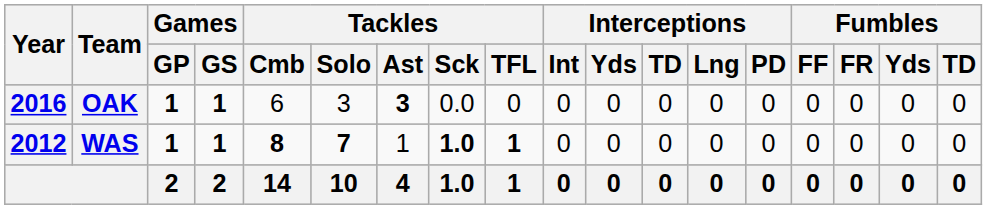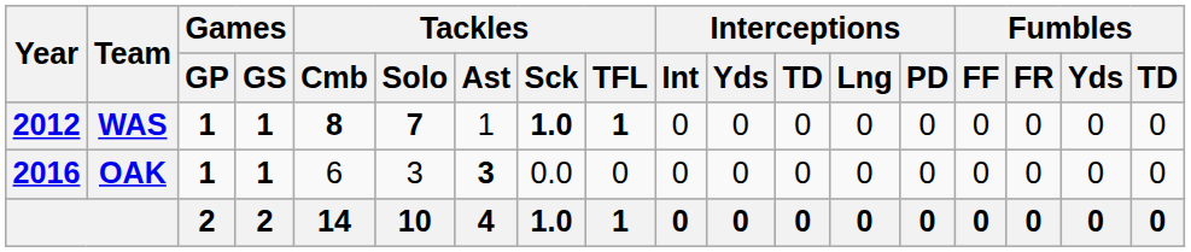 <table class="wikitable" style="text-align:center">
 <tr>
 <th rowspan="2">Year</th>
 <th rowspan="2">Team</th>
 <th colspan="2">Games</th>
 <th colspan="5">Tackles</th>
 <th colspan="5">Interceptions</th>
 <th colspan="4">Fumbles</th>
 </tr>
 <tr>
 <th>GP</th>
 <th>GS</th>
 <th>Cmb</th>
 <th>Solo</th>
 <th>Ast</th>
 <th>Sck</th>
 <th>TFL</th>
 <th>Int</th>
 <th>Yds</th>
 <th>TD</th>
 <th>Lng</th>
 <th>PD</th>
 <th>FF</th>
 <th>FR</th>
 <th>Yds</th>
 <th>TD</th>
 </tr>
 <tr>
-<th><a href='#'>2016</a></th>
-<th><a href='#'>OAK</a></th>
+<th><a href='#'>2012</a></th>
+<th><a href='#'>WAS</a></th>
 <td><strong>1</strong></td>
 <td><strong>1</strong></td>
-<td>6</td>
-<td>3</td>
-<td><strong>3</strong></td>
-<td>0.0</td>
-<td>0</td>
+<td><strong>8</strong></td>
+<td><strong>7</strong></td>
+<td>1</td>
+<td><strong>1.0</strong></td>
+<td><strong>1</strong></td>
 <td>0</td>
 <td>0</td>
 <td>0</td>
 <td>0</td>
 <td>0</td>
 <td>0</td>
 <td>0</td>
 <td>0</td>
 <td>0</td>
 </tr>
 <tr>
-<th><a href='#'>2012</a></th>
-<th><a href='#'>WAS</a></th>
+<th><a href='#'>2016</a></th>
+<th><a href='#'>OAK</a></th>
 <td><strong>1</strong></td>
 <td><strong>1</strong></td>
-<td><strong>8</strong></td>
-<td><strong>7</strong></td>
-<td>1</td>
-<td><strong>1.0</strong></td>
-<td><strong>1</strong></td>
+<td>6</td>
+<td>3</td>
+<td><strong>3</strong></td>
+<td>0.0</td>
+<td>0</td>
 <td>0</td>
 <td>0</td>
 <td>0</td>
 <td>0</td>
 <td>0</td>
 <td>0</td>
 <td>0</td>
 <td>0</td>
 <td>0</td>
 </tr>
 <tr>
 <th colspan="2"></th>
 <th>2</th>
 <th>2</th>
 <th>14</th>
 <th>10</th>
 <th>4</th>
 <th>1.0</th>
 <th>1</th>
 <th>0</th>
 <th>0</th>
 <th>0</th>
 <th>0</th>
 <th>0</th>
 <th>0</th>
 <th>0</th>
 <th>0</th>
 <th>0</th>
 </tr>
 </table>
